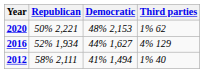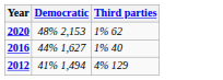 <table class="wikitable">
 <tr>
 <th>Year</th>
-<th><a href='#'>Republican</a></th>
 <th><a href='#'>Democratic</a></th>
 <th><a href='#'>Third parties</a></th>
 </tr>
 <tr>
 <td style="text-align:center; "><strong><a href='#'>2020</a></strong></td>
-<td style="text-align:center; "><em>50%</em> <em>2,221</em></td>
 <td style="text-align:center; "><em>48%</em> <em>2,153</em></td>
 <td><em>1%</em> <em>62</em></td>
 </tr>
 <tr>
 <td style="text-align:center; "><strong><a href='#'>2016</a></strong></td>
-<td style="text-align:center; "><em>52%</em> <em>1,934</em></td>
 <td style="text-align:center; "><em>44%</em> <em>1,627</em></td>
-<td><em>4%</em> <em>129</em></td>
+<td><em>1%</em> <em>40</em></td>
 </tr>
 <tr>
 <td style="text-align:center; "><strong><a href='#'>2012</a></strong></td>
-<td style="text-align:center; "><em>58%</em> <em>2,111</em></td>
 <td style="text-align:center; "><em>41%</em> <em>1,494</em></td>
-<td><em>1%</em> <em>40</em></td>
+<td><em>4%</em> <em>129</em></td>
 </tr>
 </table>
